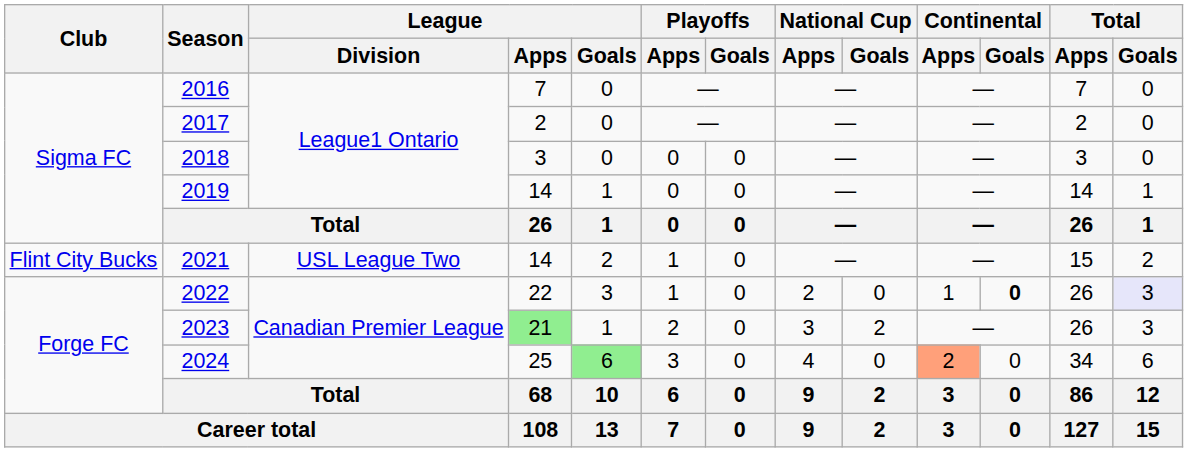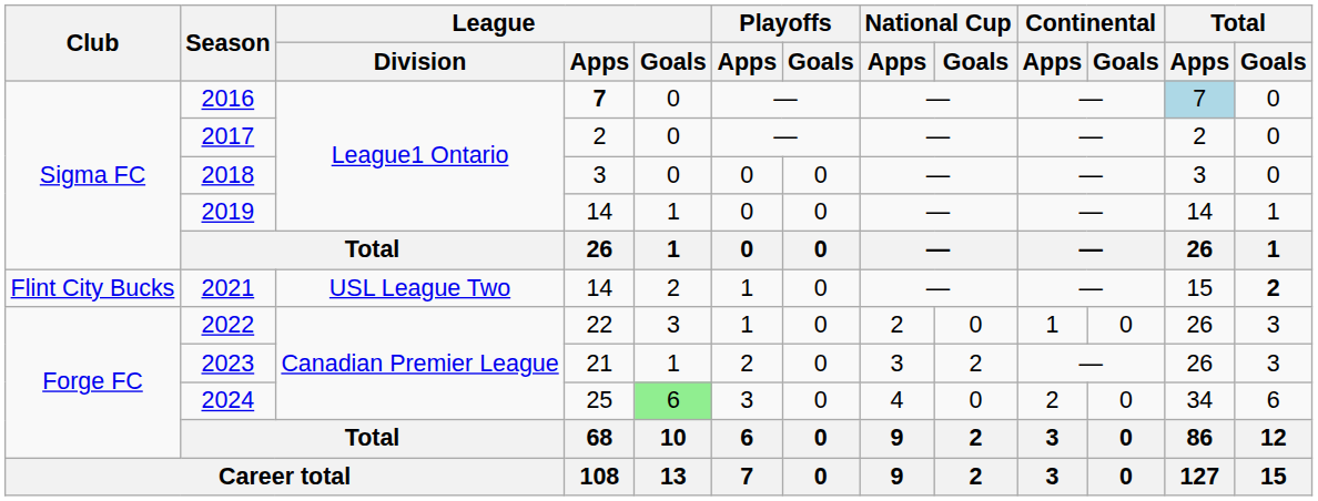 <table class="wikitable" style="text-align: center;">
 <tr>
 <th rowspan="2">Club</th>
 <th rowspan="2">Season</th>
 <th colspan="3">League</th>
 <th colspan="2">Playoffs</th>
 <th colspan="2">National Cup</th>
 <th colspan="2">Continental</th>
 <th colspan="2">Total</th>
 </tr>
 <tr>
 <th>Division</th>
 <th>Apps</th>
 <th>Goals</th>
 <th>Apps</th>
 <th>Goals</th>
 <th>Apps</th>
 <th>Goals</th>
 <th>Apps</th>
 <th>Goals</th>
 <th>Apps</th>
 <th>Goals</th>
 </tr>
 <tr>
 <td rowspan="5"><a href='#'>Sigma FC</a></td>
 <td><a href='#'>2016</a></td>
 <td rowspan="4"><a href='#'>League1 Ontario</a></td>
-<td>7</td>
+<td><strong>7</strong></td>
 <td>0</td>
 <td colspan=2>—</td>
 <td colspan=2>—</td>
 <td colspan=2>—</td>
-<td>7</td>
+<td style="background: lightblue;">7</td>
 <td>0</td>
 </tr>
 <tr>
 <td><a href='#'>2017</a></td>
 <td>2</td>
 <td>0</td>
 <td colspan=2>—</td>
 <td colspan=2>—</td>
 <td colspan=2>—</td>
 <td>2</td>
 <td>0</td>
 </tr>
 <tr>
 <td><a href='#'>2018</a></td>
 <td>3</td>
 <td>0</td>
 <td>0</td>
 <td>0</td>
 <td colspan=2>—</td>
 <td colspan=2>—</td>
 <td>3</td>
 <td>0</td>
 </tr>
 <tr>
 <td><a href='#'>2019</a></td>
 <td>14</td>
 <td>1</td>
 <td>0</td>
 <td>0</td>
 <td colspan=2>—</td>
 <td colspan=2>—</td>
 <td>14</td>
 <td>1</td>
 </tr>
 <tr>
 <th colspan="2">Total</th>
 <th>26</th>
 <th>1</th>
 <th>0</th>
 <th>0</th>
 <th colspan="2">—</th>
 <th colspan="2">—</th>
 <th>26</th>
 <th>1</th>
 </tr>
 <tr>
 <td><a href='#'>Flint City Bucks</a></td>
 <td><a href='#'>2021</a></td>
 <td><a href='#'>USL League Two</a></td>
 <td>14</td>
 <td>2</td>
 <td>1</td>
 <td>0</td>
 <td colspan=2>—</td>
 <td colspan=2>—</td>
 <td>15</td>
-<td>2</td>
+<td><strong>2</strong></td>
 </tr>
 <tr>
 <td rowspan=4><a href='#'>Forge FC</a></td>
 <td><a href='#'>2022</a></td>
 <td rowspan=3><a href='#'>Canadian Premier League</a></td>
 <td>22</td>
 <td>3</td>
 <td>1</td>
 <td>0</td>
 <td>2</td>
 <td>0</td>
 <td>1</td>
-<td><strong>0</strong></td>
+<td>0</td>
 <td>26</td>
-<td style="background: lavender;">3</td>
+<td>3</td>
 </tr>
 <tr>
 <td><a href='#'>2023</a></td>
-<td style="background: lightgreen;">21</td>
+<td>21</td>
 <td>1</td>
 <td>2</td>
 <td>0</td>
 <td>3</td>
 <td>2</td>
 <td colspan=2>—</td>
 <td>26</td>
 <td>3</td>
 </tr>
 <tr>
 <td><a href='#'>2024</a></td>
 <td>25</td>
 <td style="background: lightgreen;">6</td>
 <td>3</td>
 <td>0</td>
 <td>4</td>
 <td>0</td>
-<td style="background: lightsalmon;">2</td>
+<td>2</td>
 <td>0</td>
 <td>34</td>
 <td>6</td>
 </tr>
 <tr>
 <th colspan="2">Total</th>
 <th>68</th>
 <th>10</th>
 <th>6</th>
 <th>0</th>
 <th>9</th>
 <th>2</th>
 <th>3</th>
 <th>0</th>
 <th>86</th>
 <th>12</th>
 </tr>
 <tr>
 <th colspan="3">Career total</th>
 <th>108</th>
 <th>13</th>
 <th>7</th>
 <th>0</th>
 <th>9</th>
 <th>2</th>
 <th>3</th>
 <th>0</th>
 <th>127</th>
 <th>15</th>
 </tr>
 </table>
